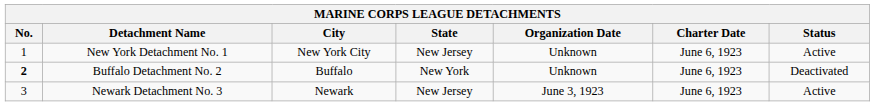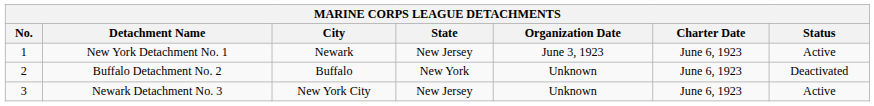 <table class="wikitable" style="margin-left: auto; margin-right: auto; border: none; width:90%; text-align:center; cellpadding: 2; cellspacing: 0;">
 <tr>
 <th colspan="7">MARINE CORPS LEAGUE DETACHMENTS</th>
 </tr>
 <tr>
 <th>No.</th>
 <th>Detachment Name</th>
 <th>City</th>
 <th>State</th>
 <th>Organization Date</th>
 <th>Charter Date</th>
 <th>Status</th>
 </tr>
 <tr>
 <td style="text-align:center;">1</td>
 <td>New York Detachment No. 1</td>
-<td style="text-align:center;">New York City</td>
+<td style="text-align:center;">Newark</td>
 <td style="text-align:center;">New Jersey</td>
-<td style="text-align:center;">Unknown</td>
+<td style="text-align:center;">June 3, 1923</td>
 <td style="text-align:center;">June 6, 1923</td>
 <td style="text-align:center;">Active</td>
 </tr>
 <tr>
-<td style="text-align:center;"><strong>2</strong></td>
+<td style="text-align:center;">2</td>
 <td>Buffalo Detachment No. 2</td>
 <td style="text-align:center;">Buffalo</td>
 <td style="text-align:center;">New York</td>
 <td style="text-align:center;">Unknown</td>
 <td style="text-align:center;">June 6, 1923</td>
 <td style="text-align:center;">Deactivated</td>
 </tr>
 <tr>
 <td style="text-align:center;">3</td>
 <td>Newark Detachment No. 3</td>
-<td style="text-align:center;">Newark</td>
+<td style="text-align:center;">New York City</td>
 <td style="text-align:center;">New Jersey</td>
-<td style="text-align:center;">June 3, 1923</td>
+<td style="text-align:center;">Unknown</td>
 <td style="text-align:center;">June 6, 1923</td>
 <td style="text-align:center;">Active</td>
 </tr>
 </table>
